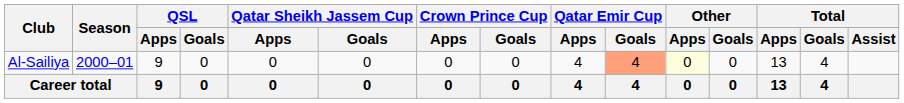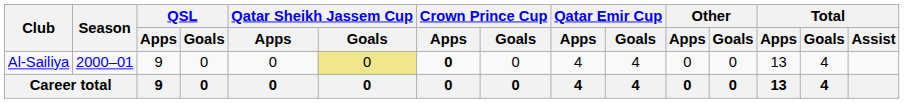 <table class="wikitable" style="text-align: center">
 <tr>
 <th rowspan="2">Club</th>
 <th rowspan="2">Season</th>
 <th colspan="2"><a href='#'>QSL</a></th>
 <th colspan="2"><a href='#'>Qatar Sheikh Jassem Cup</a></th>
 <th colspan="2"><a href='#'>Crown Prince Cup</a></th>
 <th colspan="2"><a href='#'>Qatar Emir Cup</a></th>
 <th colspan="2">Other</th>
 <th colspan="3">Total</th>
 </tr>
 <tr>
 <th>Apps</th>
 <th>Goals</th>
 <th>Apps</th>
 <th>Goals</th>
 <th>Apps</th>
 <th>Goals</th>
 <th>Apps</th>
 <th>Goals</th>
 <th>Apps</th>
 <th>Goals</th>
 <th>Apps</th>
 <th>Goals</th>
 <th>Assist</th>
 </tr>
 <tr>
 <td rowspan="1"><a href='#'>Al-Sailiya</a></td>
 <td><a href='#'>2000–01</a></td>
 <td>9</td>
 <td>0</td>
 <td>0</td>
-<td>0</td>
-<td>0</td>
+<td style="background: khaki;">0</td>
+<td><strong>0</strong></td>
 <td>0</td>
 <td>4</td>
-<td style="background: lightsalmon;">4</td>
-<td style="background: lightyellow;">0</td>
+<td>4</td>
+<td>0</td>
 <td>0</td>
 <td>13</td>
 <td>4</td>
 <td></td>
 </tr>
 <tr>
 <th colspan="2">Career total</th>
 <th>9</th>
 <th>0</th>
 <th>0</th>
 <th>0</th>
 <th>0</th>
 <th>0</th>
 <th>4</th>
 <th>4</th>
 <th>0</th>
 <th>0</th>
 <th>13</th>
 <th>4</th>
 <th></th>
 </tr>
 </table>
